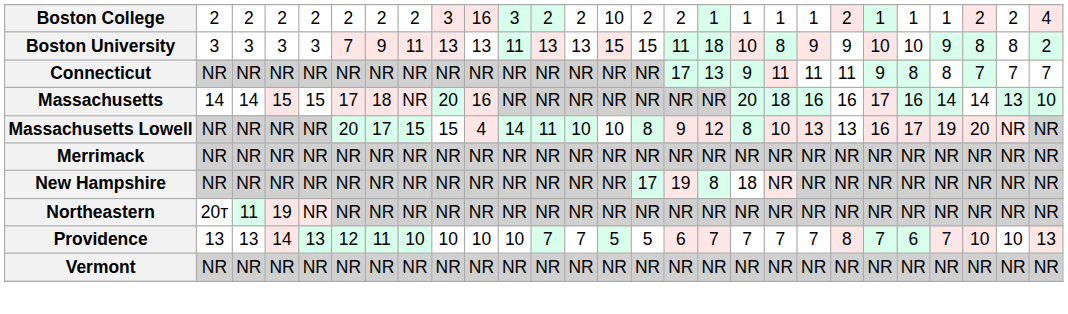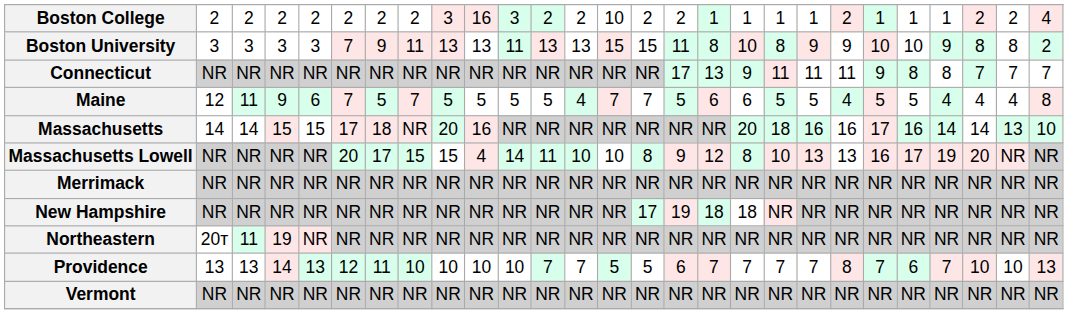 <table class="wikitable sortable" style="text-align: center;">
 <tr>
 </tr>
 <tr bgcolor=d0d0d0>
 <th>Boston College</th>
 <td bgcolor=ffffff>2</td>
 <td bgcolor=ffffff>2</td>
 <td bgcolor=ffffff>2</td>
 <td bgcolor=ffffff>2</td>
 <td bgcolor=ffffff>2</td>
 <td bgcolor=ffffff>2</td>
 <td bgcolor=ffffff>2</td>
 <td bgcolor=FFE6E6>3</td>
 <td bgcolor=FFE6E6>16</td>
 <td bgcolor=D8FFEB>3</td>
 <td bgcolor=D8FFEB>2</td>
 <td bgcolor=ffffff>2</td>
 <td bgcolor=ffffff>10</td>
 <td bgcolor=ffffff>2</td>
 <td bgcolor=ffffff>2</td>
 <td bgcolor=D8FFEB>1</td>
 <td bgcolor=ffffff>1</td>
 <td bgcolor=ffffff>1</td>
 <td bgcolor=ffffff>1</td>
 <td bgcolor=FFE6E6>2</td>
 <td bgcolor=D8FFEB>1</td>
 <td bgcolor=ffffff>1</td>
 <td bgcolor=ffffff>1</td>
 <td bgcolor=FFE6E6>2</td>
 <td bgcolor=ffffff>2</td>
 <td bgcolor=FFE6E6>4</td>
 </tr>
 <tr bgcolor=d0d0d0>
 <th>Boston University</th>
 <td bgcolor=ffffff>3</td>
 <td bgcolor=ffffff>3</td>
 <td bgcolor=ffffff>3</td>
 <td bgcolor=ffffff>3</td>
 <td bgcolor=FFE6E6>7</td>
 <td bgcolor=FFE6E6>9</td>
 <td bgcolor=FFE6E6>11</td>
 <td bgcolor=FFE6E6>13</td>
 <td bgcolor=ffffff>13</td>
 <td bgcolor=D8FFEB>11</td>
 <td bgcolor=FFE6E6>13</td>
 <td bgcolor=ffffff>13</td>
 <td bgcolor=FFE6E6>15</td>
 <td bgcolor=ffffff>15</td>
 <td bgcolor=D8FFEB>11</td>
-<td bgcolor=D8FFEB>18</td>
+<td bgcolor=D8FFEB>8</td>
 <td bgcolor=FFE6E6>10</td>
 <td bgcolor=D8FFEB>8</td>
 <td bgcolor=FFE6E6>9</td>
 <td bgcolor=ffffff>9</td>
 <td bgcolor=FFE6E6>10</td>
 <td bgcolor=ffffff>10</td>
 <td bgcolor=D8FFEB>9</td>
 <td bgcolor=D8FFEB>8</td>
 <td bgcolor=ffffff>8</td>
 <td bgcolor=D8FFEB>2</td>
 </tr>
 <tr bgcolor=d0d0d0>
 <th>Connecticut</th>
 <td>NR</td>
 <td>NR</td>
 <td>NR</td>
 <td>NR</td>
 <td>NR</td>
 <td>NR</td>
 <td>NR</td>
 <td>NR</td>
 <td>NR</td>
 <td>NR</td>
 <td>NR</td>
 <td>NR</td>
 <td>NR</td>
 <td>NR</td>
 <td bgcolor=D8FFEB>17</td>
 <td bgcolor=D8FFEB>13</td>
 <td bgcolor=D8FFEB>9</td>
 <td bgcolor=FFE6E6>11</td>
 <td bgcolor=ffffff>11</td>
 <td bgcolor=ffffff>11</td>
 <td bgcolor=D8FFEB>9</td>
 <td bgcolor=D8FFEB>8</td>
 <td bgcolor=ffffff>8</td>
 <td bgcolor=D8FFEB>7</td>
 <td bgcolor=ffffff>7</td>
 <td bgcolor=ffffff>7</td>
+</tr>
+<tr bgcolor=d0d0d0>
+<th>Maine</th>
+<td bgcolor=ffffff>12</td>
+<td bgcolor=D8FFEB>11</td>
+<td bgcolor=D8FFEB>9</td>
+<td bgcolor=D8FFEB>6</td>
+<td bgcolor=FFE6E6>7</td>
+<td bgcolor=D8FFEB>5</td>
+<td bgcolor=FFE6E6>7</td>
+<td bgcolor=D8FFEB>5</td>
+<td bgcolor=ffffff>5</td>
+<td bgcolor=ffffff>5</td>
+<td bgcolor=ffffff>5</td>
+<td bgcolor=D8FFEB>4</td>
+<td bgcolor=FFE6E6>7</td>
+<td bgcolor=ffffff>7</td>
+<td bgcolor=D8FFEB>5</td>
+<td bgcolor=FFE6E6>6</td>
+<td bgcolor=ffffff>6</td>
+<td bgcolor=D8FFEB>5</td>
+<td bgcolor=ffffff>5</td>
+<td bgcolor=D8FFEB>4</td>
+<td bgcolor=FFE6E6>5</td>
+<td bgcolor=ffffff>5</td>
+<td bgcolor=D8FFEB>4</td>
+<td bgcolor=ffffff>4</td>
+<td bgcolor=ffffff>4</td>
+<td bgcolor=FFE6E6>8</td>
 </tr>
 <tr bgcolor=d0d0d0>
 <th>Massachusetts</th>
 <td bgcolor=ffffff>14</td>
 <td bgcolor=ffffff>14</td>
 <td bgcolor=FFE6E6>15</td>
 <td bgcolor=ffffff>15</td>
 <td bgcolor=FFE6E6>17</td>
 <td bgcolor=FFE6E6>18</td>
 <td bgcolor=FFE6E6>NR</td>
 <td bgcolor=D8FFEB>20</td>
 <td bgcolor=FFE6E6>16</td>
 <td>NR</td>
 <td>NR</td>
 <td>NR</td>
 <td>NR</td>
 <td>NR</td>
 <td>NR</td>
 <td>NR</td>
 <td bgcolor=D8FFEB>20</td>
 <td bgcolor=D8FFEB>18</td>
 <td bgcolor=D8FFEB>16</td>
 <td bgcolor=ffffff>16</td>
 <td bgcolor=FFE6E6>17</td>
 <td bgcolor=D8FFEB>16</td>
 <td bgcolor=D8FFEB>14</td>
 <td bgcolor=ffffff>14</td>
 <td bgcolor=D8FFEB>13</td>
 <td bgcolor=D8FFEB>10</td>
 </tr>
 <tr bgcolor=d0d0d0>
 <th>Massachusetts Lowell</th>
 <td>NR</td>
 <td>NR</td>
 <td>NR</td>
 <td>NR</td>
 <td bgcolor=D8FFEB>20</td>
 <td bgcolor=D8FFEB>17</td>
 <td bgcolor=D8FFEB>15</td>
 <td bgcolor=ffffff>15</td>
 <td bgcolor=FFE6E6>4</td>
 <td bgcolor=D8FFEB>14</td>
 <td bgcolor=D8FFEB>11</td>
 <td bgcolor=D8FFEB>10</td>
 <td bgcolor=ffffff>10</td>
 <td bgcolor=D8FFEB>8</td>
 <td bgcolor=FFE6E6>9</td>
 <td bgcolor=FFE6E6>12</td>
 <td bgcolor=D8FFEB>8</td>
 <td bgcolor=FFE6E6>10</td>
 <td bgcolor=FFE6E6>13</td>
 <td bgcolor=ffffff>13</td>
 <td bgcolor=FFE6E6>16</td>
 <td bgcolor=FFE6E6>17</td>
 <td bgcolor=FFE6E6>19</td>
 <td bgcolor=FFE6E6>20</td>
 <td bgcolor=FFE6E6>NR</td>
 <td>NR</td>
 </tr>
 <tr bgcolor=d0d0d0>
 <th>Merrimack</th>
 <td>NR</td>
 <td>NR</td>
 <td>NR</td>
 <td>NR</td>
 <td>NR</td>
 <td>NR</td>
 <td>NR</td>
 <td>NR</td>
 <td>NR</td>
 <td>NR</td>
 <td>NR</td>
 <td>NR</td>
 <td>NR</td>
 <td>NR</td>
 <td>NR</td>
 <td>NR</td>
 <td>NR</td>
 <td>NR</td>
 <td>NR</td>
 <td>NR</td>
 <td>NR</td>
 <td>NR</td>
 <td>NR</td>
 <td>NR</td>
 <td>NR</td>
 <td>NR</td>
 </tr>
 <tr bgcolor=d0d0d0>
 <th>New Hampshire</th>
 <td>NR</td>
 <td>NR</td>
 <td>NR</td>
 <td>NR</td>
 <td>NR</td>
 <td>NR</td>
 <td>NR</td>
 <td>NR</td>
 <td>NR</td>
 <td>NR</td>
 <td>NR</td>
 <td>NR</td>
 <td>NR</td>
 <td bgcolor=D8FFEB>17</td>
 <td bgcolor=FFE6E6>19</td>
-<td bgcolor=D8FFEB>8</td>
+<td bgcolor=D8FFEB>18</td>
 <td bgcolor=ffffff>18</td>
 <td bgcolor=FFE6E6>NR</td>
 <td>NR</td>
 <td>NR</td>
 <td>NR</td>
 <td>NR</td>
 <td>NR</td>
 <td>NR</td>
 <td>NR</td>
 <td>NR</td>
 </tr>
 <tr bgcolor=d0d0d0>
 <th>Northeastern</th>
 <td bgcolor=ffffff>20т</td>
 <td bgcolor=D8FFEB>11</td>
 <td bgcolor=FFE6E6>19</td>
 <td bgcolor=FFE6E6>NR</td>
 <td>NR</td>
 <td>NR</td>
 <td>NR</td>
 <td>NR</td>
 <td>NR</td>
 <td>NR</td>
 <td>NR</td>
 <td>NR</td>
 <td>NR</td>
 <td>NR</td>
 <td>NR</td>
 <td>NR</td>
 <td>NR</td>
 <td>NR</td>
 <td>NR</td>
 <td>NR</td>
 <td>NR</td>
 <td>NR</td>
 <td>NR</td>
 <td>NR</td>
 <td>NR</td>
 <td>NR</td>
 </tr>
 <tr bgcolor=d0d0d0>
 <th>Providence</th>
 <td bgcolor=ffffff>13</td>
 <td bgcolor=ffffff>13</td>
 <td bgcolor=FFE6E6>14</td>
 <td bgcolor=D8FFEB>13</td>
 <td bgcolor=D8FFEB>12</td>
 <td bgcolor=D8FFEB>11</td>
 <td bgcolor=D8FFEB>10</td>
 <td bgcolor=ffffff>10</td>
 <td bgcolor=ffffff>10</td>
 <td bgcolor=ffffff>10</td>
 <td bgcolor=D8FFEB>7</td>
 <td bgcolor=ffffff>7</td>
 <td bgcolor=D8FFEB>5</td>
 <td bgcolor=ffffff>5</td>
 <td bgcolor=FFE6E6>6</td>
 <td bgcolor=FFE6E6>7</td>
 <td bgcolor=ffffff>7</td>
 <td bgcolor=ffffff>7</td>
 <td bgcolor=ffffff>7</td>
 <td bgcolor=FFE6E6>8</td>
 <td bgcolor=D8FFEB>7</td>
 <td bgcolor=D8FFEB>6</td>
 <td bgcolor=FFE6E6>7</td>
 <td bgcolor=FFE6E6>10</td>
 <td bgcolor=ffffff>10</td>
 <td bgcolor=FFE6E6>13</td>
 </tr>
 <tr bgcolor=d0d0d0>
 <th>Vermont</th>
 <td>NR</td>
 <td>NR</td>
 <td>NR</td>
 <td>NR</td>
 <td>NR</td>
 <td>NR</td>
 <td>NR</td>
 <td>NR</td>
 <td>NR</td>
 <td>NR</td>
 <td>NR</td>
 <td>NR</td>
 <td>NR</td>
 <td>NR</td>
 <td>NR</td>
 <td>NR</td>
 <td>NR</td>
 <td>NR</td>
 <td>NR</td>
 <td>NR</td>
 <td>NR</td>
 <td>NR</td>
 <td>NR</td>
 <td>NR</td>
 <td>NR</td>
 <td>NR</td>
 </tr>
 <tr>
 </tr>
 </table>
